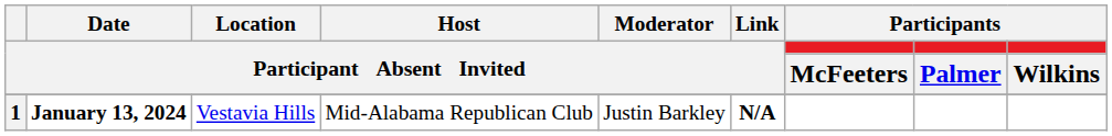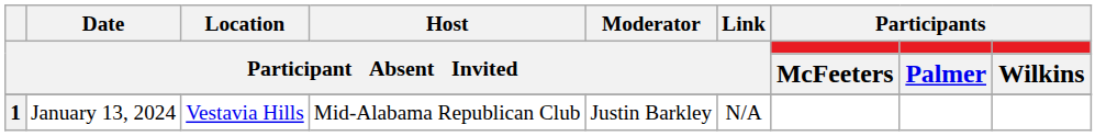 <table class="wikitable" style="text-align:center;">
 <tr style="font-size:small;">
 <th scope="col"></th>
 <th scope="col">Date</th>
 <th scope="col">Location</th>
 <th scope="col">Host</th>
 <th scope="col">Moderator</th>
 <th scope="col">Link</th>
 <th scope="col" colspan="3">Participants</th>
 </tr>
 <tr>
 <th colspan="6" rowspan="2"> <small>Participant  </small> <small>Absent  </small> <small>Invited  </small></th>
 <th scope="col" style="background:#E81B23;"></th>
 <th scope="col" style="background:#E81B23;"></th>
 <th scope="col" style="background:#E81B23;"></th>
 </tr>
 <tr>
 <th scope="col">McFeeters</th>
 <th scope="col"><a href='#'>Palmer</a></th>
 <th scope="col">Wilkins</th>
 </tr>
 <tr>
 </tr>
 <tr style="background:#FFFFFF;font-size:small;">
 <th scope="row">1</th>
-<td style="white-space:nowrap;"><strong>January 13, 2024</strong></td>
+<td style="white-space:nowrap;">January 13, 2024</td>
 <td style="white-space:nowrap;"><a href='#'>Vestavia Hills</a></td>
 <td style="white-space:nowrap;">Mid-Alabama Republican Club</td>
 <td style="white-space:nowrap;">Justin Barkley</td>
-<td style="white-space:nowrap;"><strong>N/A</strong></td>
+<td style="white-space:nowrap;">N/A</td>
 <td></td>
 <td></td>
 <td></td>
 </tr>
 </table>
